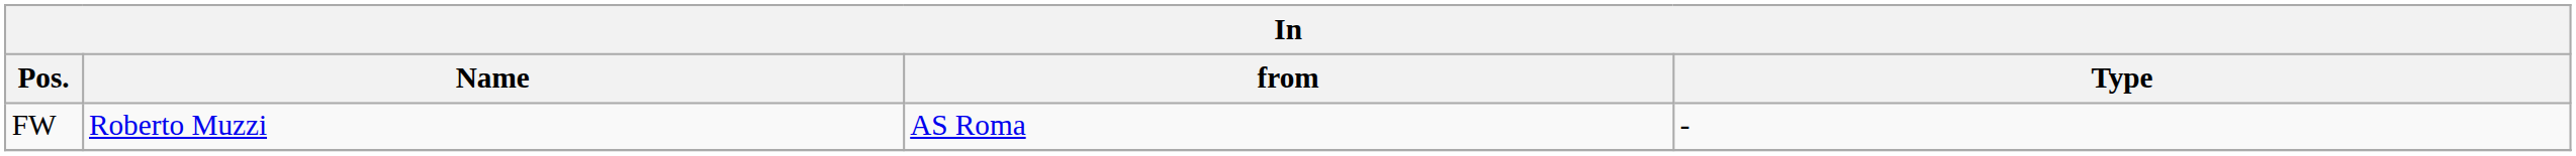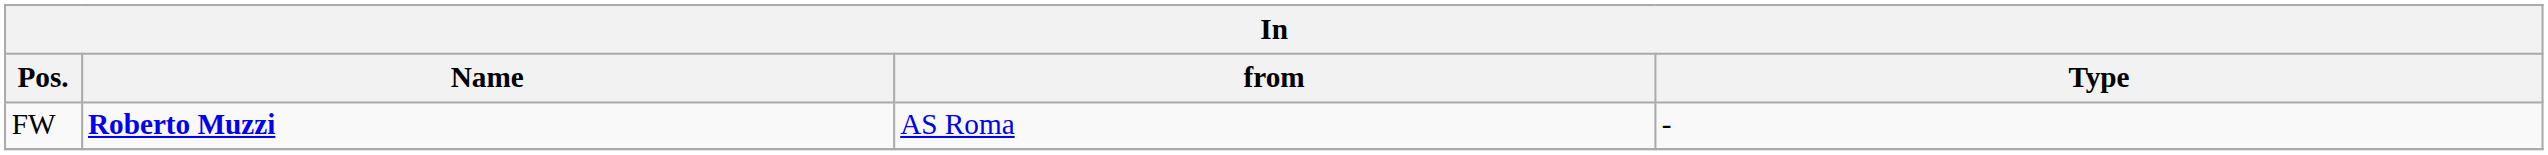 <table class="wikitable" style="font-size:90%;width:99%;">
 <tr>
 <th colspan="4">In</th>
 </tr>
 <tr>
 <th width=3%>Pos.</th>
 <th width=32%>Name</th>
 <th width=30%>from</th>
 <th width=35%>Type</th>
 </tr>
 <tr>
 <td>FW</td>
-<td><a href='#'>Roberto Muzzi</a></td>
+<td><strong><a href='#'>Roberto Muzzi</a></strong></td>
 <td><a href='#'>AS Roma</a></td>
 <td>-</td>
 </tr>
 <tr>
 </tr>
 </table>
